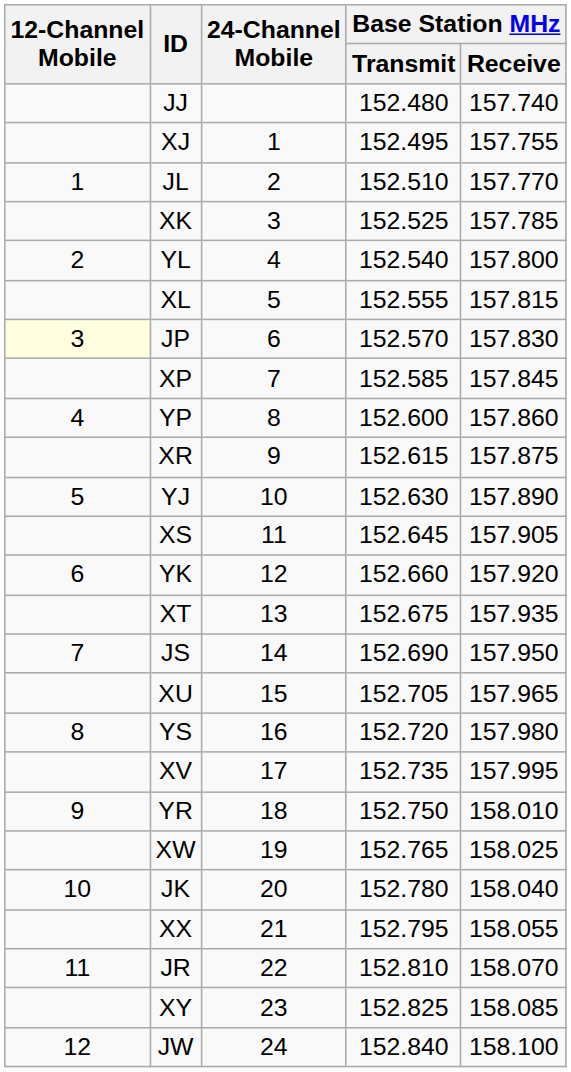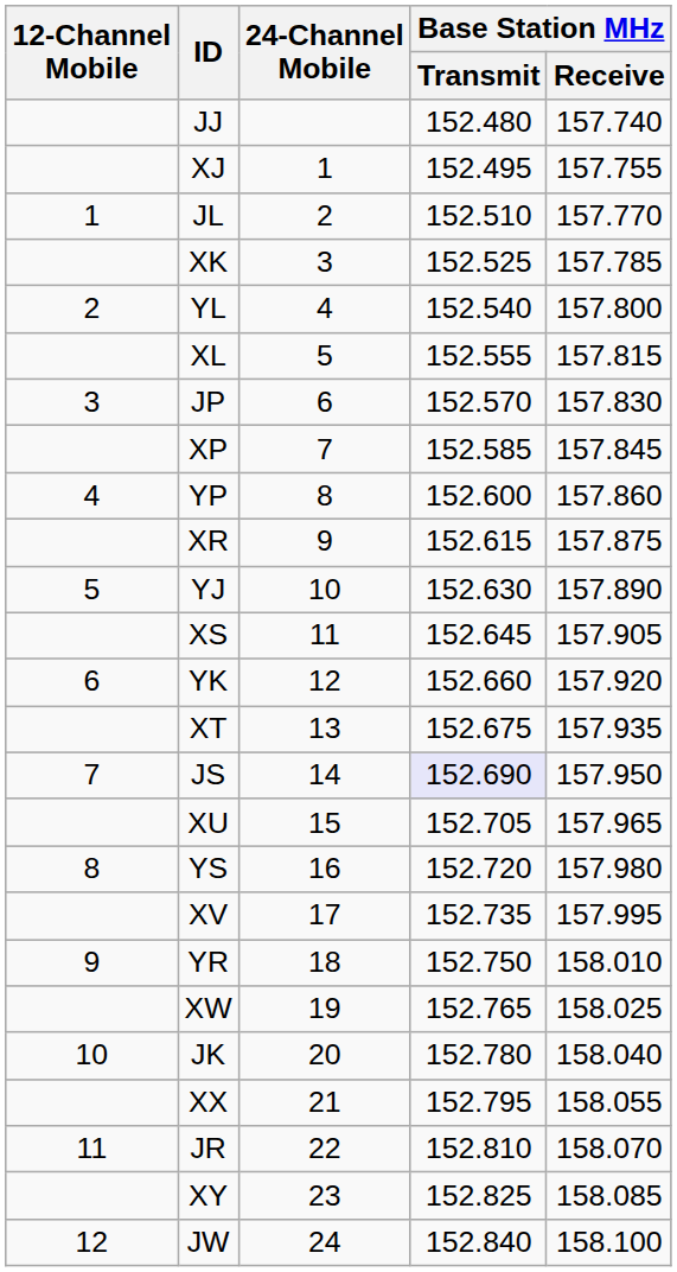 <table class="wikitable">
 <tr>
 <th rowspan="2">12-Channel<br>Mobile</th>
 <th rowspan="2">ID</th>
 <th rowspan="2">24-Channel<br>Mobile</th>
 <th colspan="2">Base Station <a href='#'>MHz</a></th>
 </tr>
 <tr bgcolor="#eeeeee">
 <th>Transmit</th>
 <th>Receive</th>
 </tr>
 <tr align="center">
 <td></td>
 <td>JJ</td>
 <td></td>
 <td>152.480</td>
 <td>157.740</td>
 </tr>
 <tr align="center">
 <td></td>
 <td>XJ</td>
 <td>1</td>
 <td>152.495</td>
 <td>157.755</td>
 </tr>
 <tr align="center">
 <td>1</td>
 <td>JL</td>
 <td>2</td>
 <td>152.510</td>
 <td>157.770</td>
 </tr>
 <tr align="center">
 <td></td>
 <td>XK</td>
 <td>3</td>
 <td>152.525</td>
 <td>157.785</td>
 </tr>
 <tr align="center">
 <td>2</td>
 <td>YL</td>
 <td>4</td>
 <td>152.540</td>
 <td>157.800</td>
 </tr>
 <tr align="center">
 <td></td>
 <td>XL</td>
 <td>5</td>
 <td>152.555</td>
 <td>157.815</td>
 </tr>
 <tr align="center">
-<td style="background: lightyellow;">3</td>
+<td>3</td>
 <td>JP</td>
 <td>6</td>
 <td>152.570</td>
 <td>157.830</td>
 </tr>
 <tr align="center">
 <td></td>
 <td>XP</td>
 <td>7</td>
 <td>152.585</td>
 <td>157.845</td>
 </tr>
 <tr align="center">
 <td>4</td>
 <td>YP</td>
 <td>8</td>
 <td>152.600</td>
 <td>157.860</td>
 </tr>
 <tr align="center">
 <td></td>
 <td>XR</td>
 <td>9</td>
 <td>152.615</td>
 <td>157.875</td>
 </tr>
 <tr align="center">
 <td>5</td>
 <td>YJ</td>
 <td>10</td>
 <td>152.630</td>
 <td>157.890</td>
 </tr>
 <tr align="center">
 <td></td>
 <td>XS</td>
 <td>11</td>
 <td>152.645</td>
 <td>157.905</td>
 </tr>
 <tr align="center">
 <td>6</td>
 <td>YK</td>
 <td>12</td>
 <td>152.660</td>
 <td>157.920</td>
 </tr>
 <tr align="center">
 <td></td>
 <td>XT</td>
 <td>13</td>
 <td>152.675</td>
 <td>157.935</td>
 </tr>
 <tr align="center">
 <td>7</td>
 <td>JS</td>
 <td>14</td>
-<td>152.690</td>
+<td style="background: lavender;">152.690</td>
 <td>157.950</td>
 </tr>
 <tr align="center">
 <td></td>
 <td>XU</td>
 <td>15</td>
 <td>152.705</td>
 <td>157.965</td>
 </tr>
 <tr align="center">
 <td>8</td>
 <td>YS</td>
 <td>16</td>
 <td>152.720</td>
 <td>157.980</td>
 </tr>
 <tr align="center">
 <td></td>
 <td>XV</td>
 <td>17</td>
 <td>152.735</td>
 <td>157.995</td>
 </tr>
 <tr align="center">
 <td>9</td>
 <td>YR</td>
 <td>18</td>
 <td>152.750</td>
 <td>158.010</td>
 </tr>
 <tr align="center">
 <td></td>
 <td>XW</td>
 <td>19</td>
 <td>152.765</td>
 <td>158.025</td>
 </tr>
 <tr align="center">
 <td>10</td>
 <td>JK</td>
 <td>20</td>
 <td>152.780</td>
 <td>158.040</td>
 </tr>
 <tr align="center">
 <td></td>
 <td>XX</td>
 <td>21</td>
 <td>152.795</td>
 <td>158.055</td>
 </tr>
 <tr align="center">
 <td>11</td>
 <td>JR</td>
 <td>22</td>
 <td>152.810</td>
 <td>158.070</td>
 </tr>
 <tr align="center">
 <td></td>
 <td>XY</td>
 <td>23</td>
 <td>152.825</td>
 <td>158.085</td>
 </tr>
 <tr align="center">
 <td>12</td>
 <td>JW</td>
 <td>24</td>
 <td>152.840</td>
 <td>158.100</td>
 </tr>
 </table>
